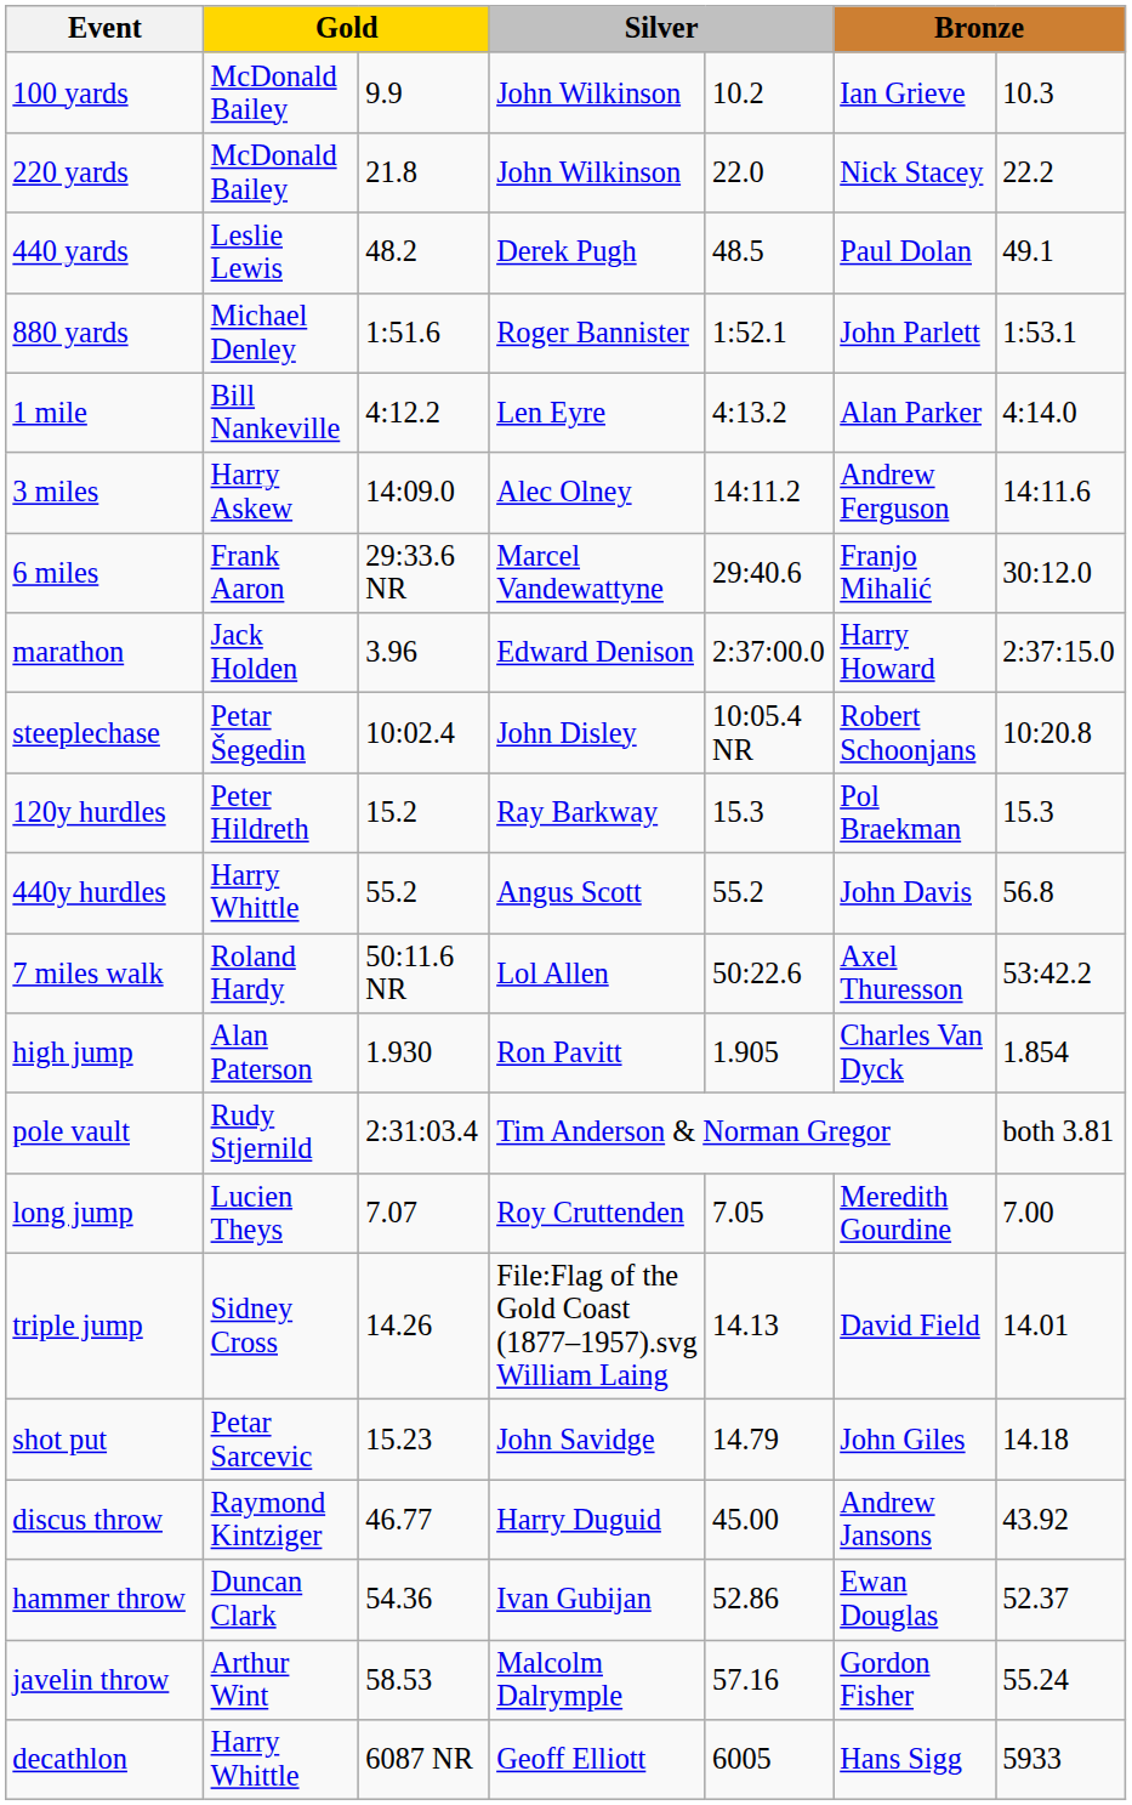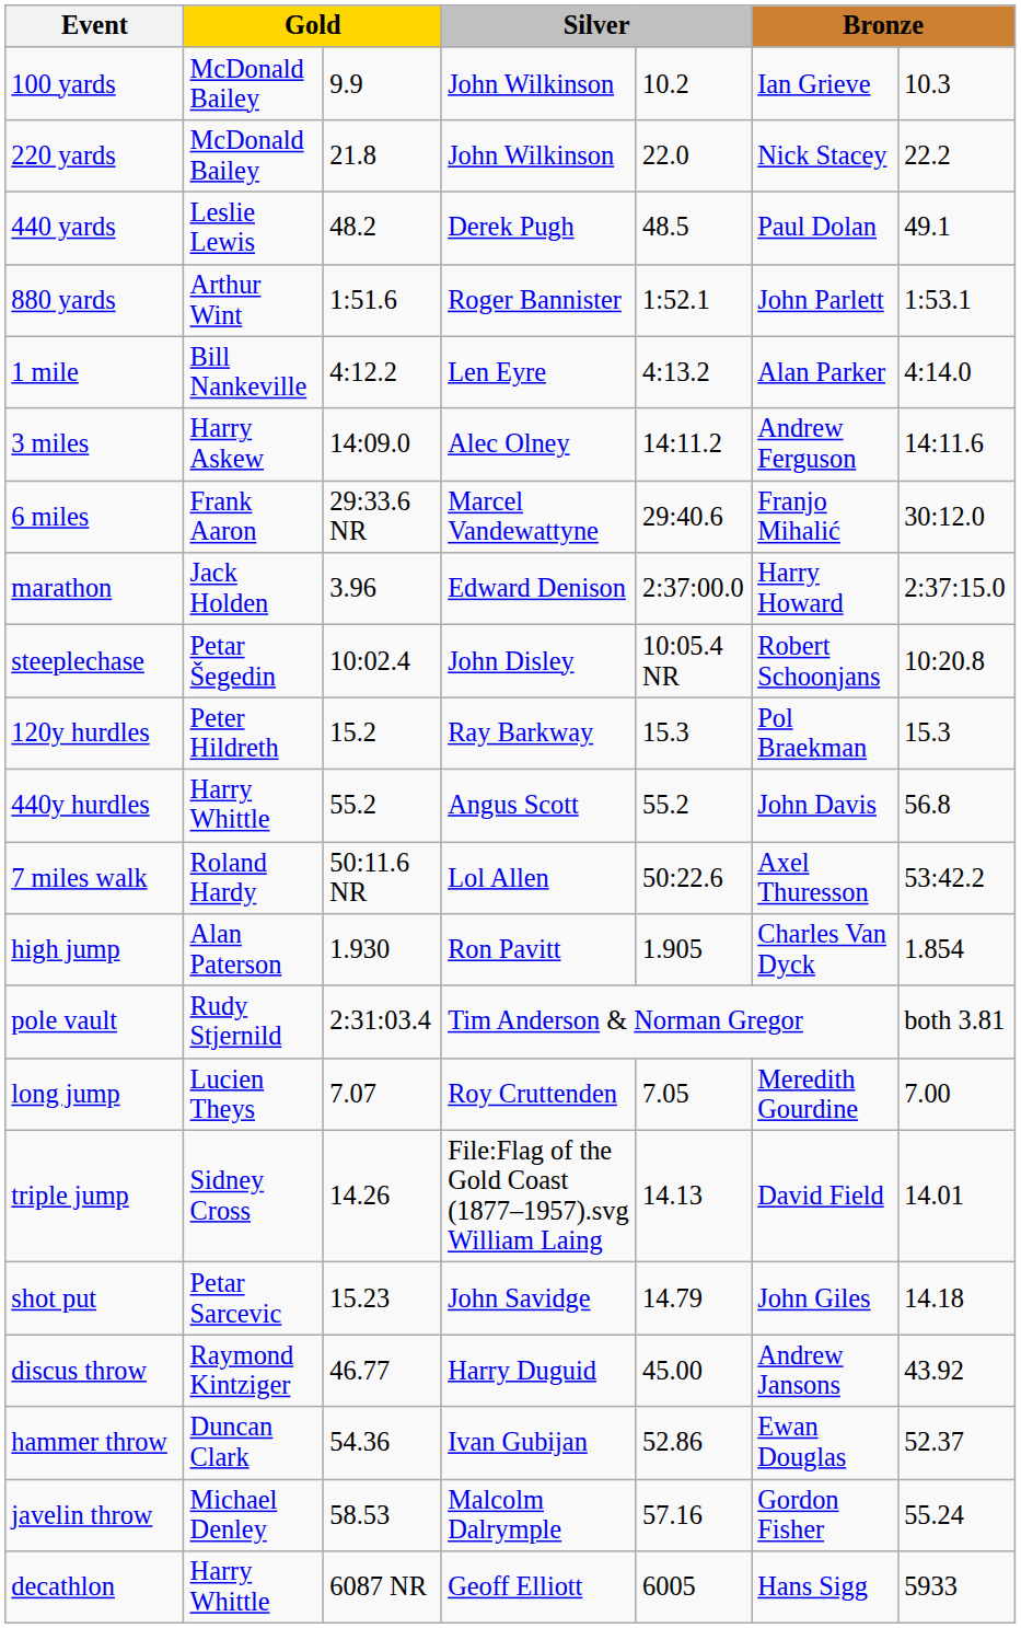 <table class="wikitable" style="text-align:left">
 <tr>
 <th width=100>Event</th>
 <th colspan="2" width="280" style="background:gold;">Gold</th>
 <th colspan="2" width="280" style="background:silver;">Silver</th>
 <th colspan="2" width="280" style="background:#CD7F32;">Bronze</th>
 </tr>
 <tr>
 <td><a href='#'>100 yards</a></td>
 <td><a href='#'>McDonald Bailey</a></td>
 <td>9.9</td>
 <td><a href='#'>John Wilkinson</a></td>
 <td>10.2</td>
 <td><a href='#'>Ian Grieve</a></td>
 <td>10.3</td>
 </tr>
 <tr>
 <td><a href='#'>220 yards</a></td>
 <td><a href='#'>McDonald Bailey</a></td>
 <td>21.8</td>
 <td><a href='#'>John Wilkinson</a></td>
 <td>22.0</td>
 <td><a href='#'>Nick Stacey</a></td>
 <td>22.2</td>
 </tr>
 <tr>
 <td><a href='#'>440 yards</a></td>
 <td><a href='#'>Leslie Lewis</a></td>
 <td>48.2</td>
 <td><a href='#'>Derek Pugh</a></td>
 <td>48.5</td>
 <td> <a href='#'>Paul Dolan</a></td>
 <td>49.1</td>
 </tr>
 <tr>
 <td><a href='#'>880 yards</a></td>
-<td><a href='#'>Michael Denley</a></td>
+<td> <a href='#'>Arthur Wint</a></td>
 <td>1:51.6</td>
 <td><a href='#'>Roger Bannister</a></td>
 <td>1:52.1</td>
 <td><a href='#'>John Parlett</a></td>
 <td>1:53.1</td>
 </tr>
 <tr>
 <td><a href='#'>1 mile</a></td>
 <td><a href='#'>Bill Nankeville</a></td>
 <td>4:12.2</td>
 <td><a href='#'>Len Eyre</a></td>
 <td>4:13.2</td>
 <td><a href='#'>Alan Parker</a></td>
 <td>4:14.0</td>
 </tr>
 <tr>
 <td><a href='#'>3 miles</a></td>
 <td><a href='#'>Harry Askew</a></td>
 <td>14:09.0</td>
 <td><a href='#'>Alec Olney</a></td>
 <td>14:11.2</td>
 <td><a href='#'>Andrew Ferguson</a></td>
 <td>14:11.6</td>
 </tr>
 <tr>
 <td><a href='#'>6 miles</a></td>
 <td><a href='#'>Frank Aaron</a></td>
 <td>29:33.6 NR</td>
 <td> <a href='#'>Marcel Vandewattyne</a></td>
 <td>29:40.6</td>
 <td> <a href='#'>Franjo Mihalić</a></td>
 <td>30:12.0</td>
 </tr>
 <tr>
 <td><a href='#'>marathon</a></td>
 <td><a href='#'>Jack Holden</a></td>
 <td>3.96</td>
 <td><a href='#'>Edward Denison</a></td>
 <td>2:37:00.0</td>
 <td> <a href='#'>Harry Howard</a></td>
 <td>2:37:15.0</td>
 </tr>
 <tr>
 <td><a href='#'>steeplechase</a></td>
 <td> <a href='#'>Petar Šegedin</a></td>
 <td>10:02.4</td>
 <td> <a href='#'>John Disley</a></td>
 <td>10:05.4 NR</td>
 <td> <a href='#'>Robert Schoonjans</a></td>
 <td>10:20.8</td>
 </tr>
 <tr>
 <td><a href='#'>120y hurdles</a></td>
 <td><a href='#'>Peter Hildreth</a></td>
 <td>15.2</td>
 <td><a href='#'>Ray Barkway</a></td>
 <td>15.3</td>
 <td> <a href='#'>Pol Braekman</a></td>
 <td>15.3</td>
 </tr>
 <tr>
 <td><a href='#'>440y hurdles</a></td>
 <td><a href='#'>Harry Whittle</a></td>
 <td>55.2</td>
 <td><a href='#'>Angus Scott</a></td>
 <td>55.2</td>
 <td><a href='#'>John Davis</a></td>
 <td>56.8</td>
 </tr>
 <tr>
 <td><a href='#'>7 miles walk</a></td>
 <td><a href='#'>Roland Hardy</a></td>
 <td>50:11.6 NR</td>
 <td><a href='#'>Lol Allen</a></td>
 <td>50:22.6</td>
 <td> <a href='#'>Axel Thuresson</a></td>
 <td>53:42.2</td>
 </tr>
 <tr>
 <td><a href='#'>high jump</a></td>
 <td> <a href='#'>Alan Paterson</a></td>
 <td>1.930</td>
 <td><a href='#'>Ron Pavitt</a></td>
 <td>1.905</td>
 <td> <a href='#'>Charles Van Dyck</a></td>
 <td>1.854</td>
 </tr>
 <tr>
 <td><a href='#'>pole vault</a></td>
 <td> <a href='#'>Rudy Stjernild</a></td>
 <td>2:31:03.4</td>
 <td colspan=3><a href='#'>Tim Anderson</a> &  <a href='#'>Norman Gregor</a></td>
 <td>both 3.81</td>
 </tr>
 <tr>
 <td><a href='#'>long jump</a></td>
 <td> <a href='#'>Lucien Theys</a></td>
 <td>7.07</td>
 <td><a href='#'>Roy Cruttenden</a></td>
 <td>7.05</td>
 <td> <a href='#'>Meredith Gourdine</a></td>
 <td>7.00</td>
 </tr>
 <tr>
 <td><a href='#'>triple jump</a></td>
 <td><a href='#'>Sidney Cross</a></td>
 <td>14.26</td>
 <td>File:Flag of the Gold Coast (1877–1957).svg <a href='#'>William Laing</a></td>
 <td>14.13</td>
 <td><a href='#'>David Field</a></td>
 <td>14.01</td>
 </tr>
 <tr>
 <td><a href='#'>shot put</a></td>
 <td> <a href='#'>Petar Sarcevic</a></td>
 <td>15.23</td>
 <td><a href='#'>John Savidge</a></td>
 <td>14.79</td>
 <td><a href='#'>John Giles</a></td>
 <td>14.18</td>
 </tr>
 <tr>
 <td><a href='#'>discus throw</a></td>
 <td> <a href='#'>Raymond Kintziger</a></td>
 <td>46.77</td>
 <td> <a href='#'>Harry Duguid</a></td>
 <td>45.00</td>
 <td><a href='#'>Andrew Jansons</a></td>
 <td>43.92</td>
 </tr>
 <tr>
 <td><a href='#'>hammer throw</a></td>
 <td> <a href='#'>Duncan Clark</a></td>
 <td>54.36</td>
 <td> <a href='#'>Ivan Gubijan</a></td>
 <td>52.86</td>
 <td> <a href='#'>Ewan Douglas</a></td>
 <td>52.37</td>
 </tr>
 <tr>
 <td><a href='#'>javelin throw</a></td>
-<td> <a href='#'>Arthur Wint</a></td>
+<td><a href='#'>Michael Denley</a></td>
 <td>58.53</td>
 <td><a href='#'>Malcolm Dalrymple</a></td>
 <td>57.16</td>
 <td> <a href='#'>Gordon Fisher</a></td>
 <td>55.24</td>
 </tr>
 <tr>
 <td><a href='#'>decathlon</a></td>
 <td><a href='#'>Harry Whittle</a></td>
 <td>6087 NR</td>
 <td><a href='#'>Geoff Elliott</a></td>
 <td>6005</td>
 <td> <a href='#'>Hans Sigg</a></td>
 <td>5933</td>
 </tr>
 </table>
